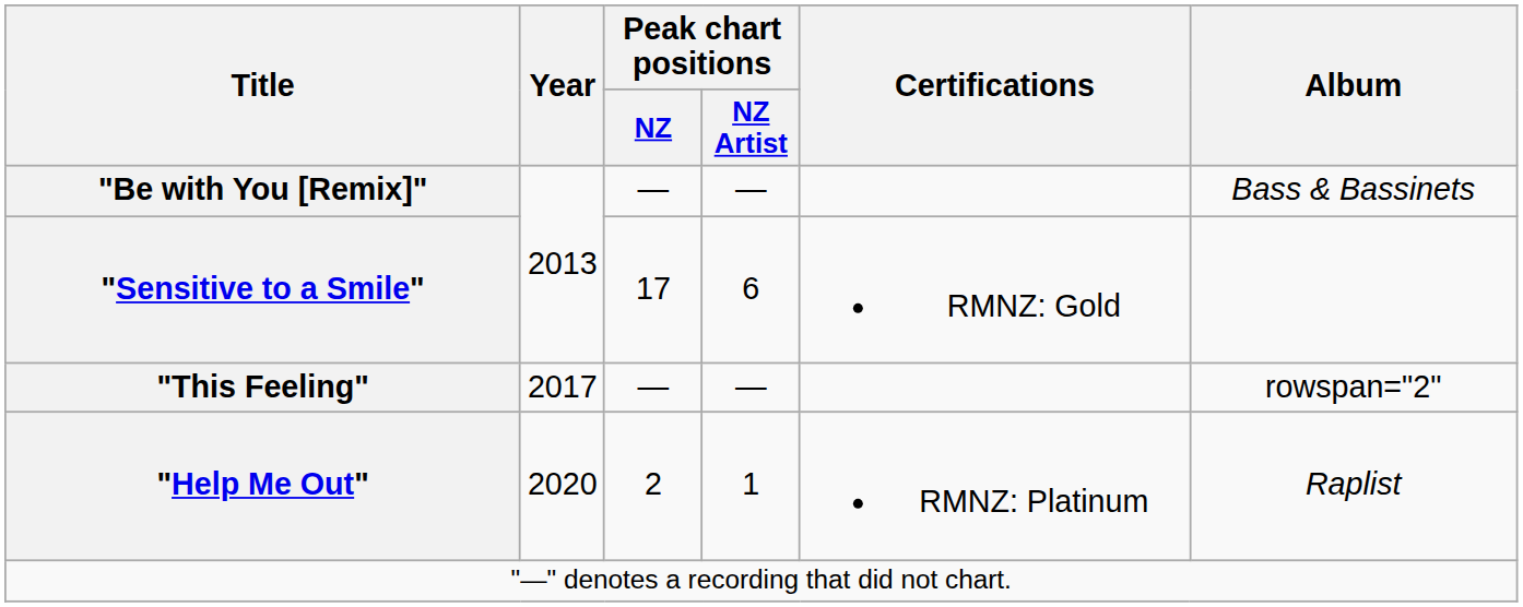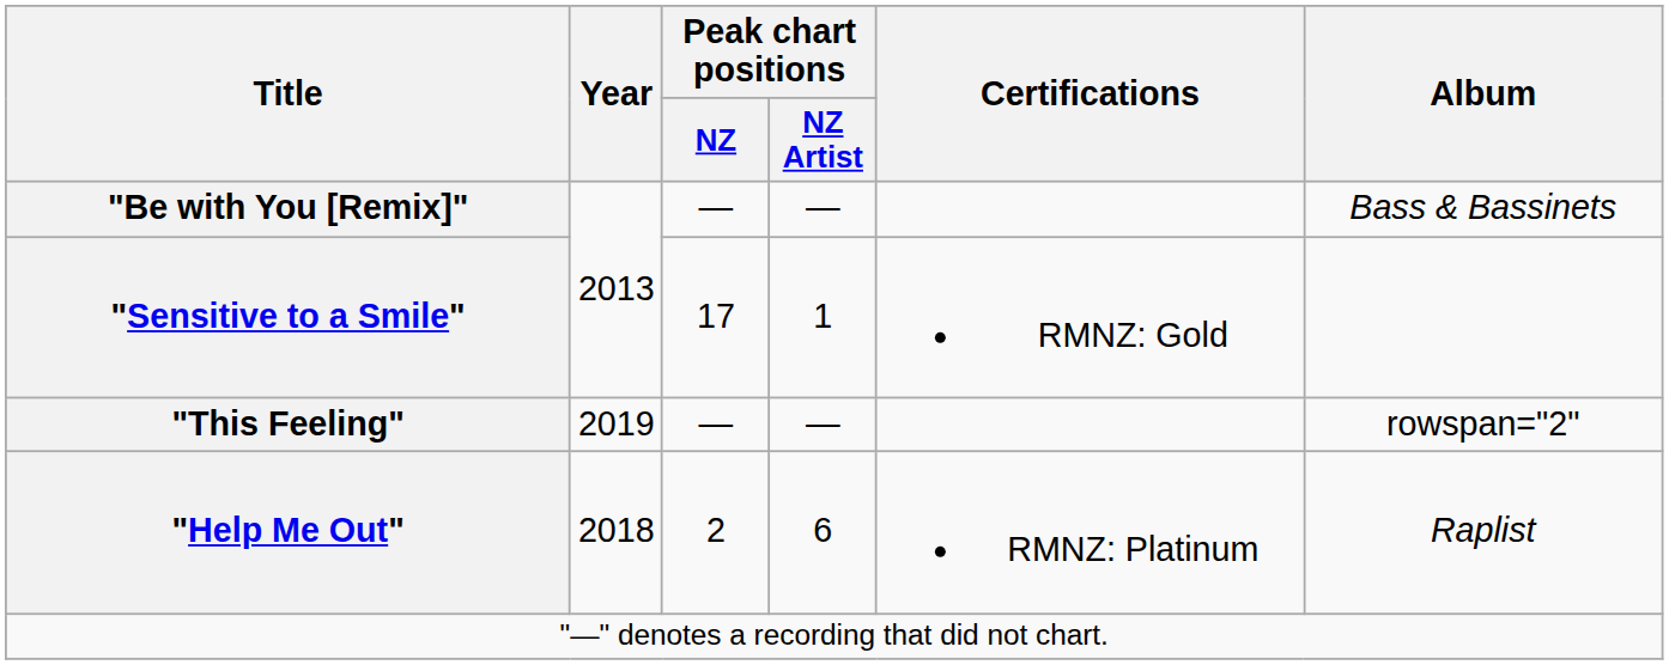 <table class="wikitable plainrowheaders" style="text-align:center;">
 <tr>
 <th scope="col" rowspan="2" style="width:16em;">Title</th>
 <th scope="col" rowspan="2" style="width:1em;">Year</th>
 <th scope="col" colspan="2">Peak chart positions</th>
 <th scope="col" rowspan="2" style="width:12em;">Certifications</th>
 <th scope="col" rowspan="2" style="width:10em;">Album</th>
 </tr>
 <tr>
 <th scope="col" style="width:3em;font-size:90%;"><a href='#'>NZ</a><br></th>
 <th scope="col" style="width:3em;font-size:90%;"><a href='#'>NZ<br>Artist</a><br></th>
 </tr>
 <tr>
 <th scope="row">"Be with You [Remix]"<br></th>
 <td rowspan="2">2013</td>
 <td>—</td>
 <td>—</td>
 <td></td>
 <td><em>Bass & Bassinets</em></td>
 </tr>
 <tr>
 <th scope="row">"<a href='#'>Sensitive to a Smile</a>"<br></th>
 <td>17</td>
-<td>6</td>
+<td>1</td>
 <td><br><ul><li>RMNZ: Gold</li></ul></td>
 </tr>
 <tr>
 <th scope="row">"This Feeling"<br></th>
-<td>2017</td>
+<td>2019</td>
 <td>—</td>
 <td>—</td>
 <td></td>
 <td>rowspan="2" </td>
 </tr>
 <tr>
 <th scope="row">"<a href='#'>Help Me Out</a>"<br></th>
-<td>2020</td>
+<td>2018</td>
 <td>2</td>
-<td>1</td>
+<td>6</td>
 <td><br><ul><li>RMNZ: Platinum</li></ul></td>
 <td><em>Raplist</em></td>
 </tr>
 <tr>
 <td colspan="8" style="font-size:85%;">"—" denotes a recording that did not chart.</td>
 </tr>
 </table>
